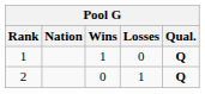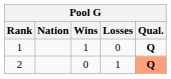 <table class="wikitable" style="text-align:center">
 <tr>
 <th colspan=5 align=center><strong>Pool G</strong></th>
 </tr>
 <tr>
 <th>Rank</th>
 <th>Nation</th>
 <th>Wins</th>
 <th>Losses</th>
 <th>Qual.</th>
 </tr>
 <tr>
 <td>1</td>
 <td align=left></td>
 <td>1</td>
 <td>0</td>
 <td><strong>Q</strong></td>
 </tr>
 <tr>
 <td>2</td>
 <td align=left></td>
 <td>0</td>
 <td>1</td>
-<td><strong>Q</strong></td>
+<td style="background: lightsalmon;"><strong>Q</strong></td>
 </tr>
 </table>
